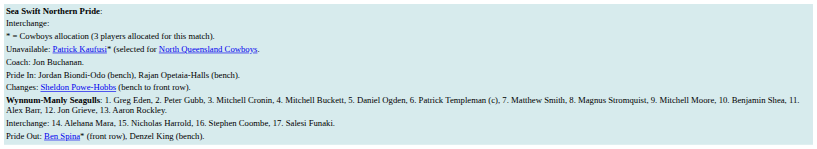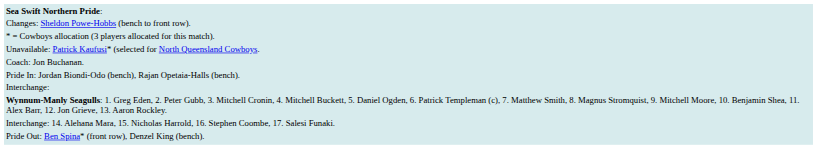 <table style="background:#d7ebed; font-size:85%; width:100%;">
 <tr>
 <td><strong>Sea Swift Northern Pride</strong>:             </td>
 </tr>
 <tr>
-<td>Interchange:    </td>
+<td>Changes: <a href='#'>Sheldon Powe-Hobbs</a> (bench to front row).</td>
 </tr>
 <tr>
 <td>* = Cowboys allocation (3 players allocated for this match).</td>
 </tr>
 <tr>
 <td>Unavailable: <a href='#'>Patrick Kaufusi</a>* (selected for <a href='#'>North Queensland Cowboys</a>.</td>
 </tr>
 <tr>
 <td>Coach: Jon Buchanan.</td>
 </tr>
 <tr>
 <td>Pride In: Jordan Biondi-Odo (bench), Rajan Opetaia-Halls (bench).</td>
 </tr>
 <tr>
-<td>Changes: <a href='#'>Sheldon Powe-Hobbs</a> (bench to front row).</td>
+<td>Interchange:    </td>
 </tr>
 <tr>
 <td><strong>Wynnum-Manly Seagulls</strong>: 1. Greg Eden, 2. Peter Gubb, 3. Mitchell Cronin, 4. Mitchell Buckett, 5. Daniel Ogden, 6. Patrick Templeman (c), 7. Matthew Smith, 8. Magnus Stromquist, 9. Mitchell Moore, 10. Benjamin Shea, 11. Alex Barr, 12. Jon Grieve, 13. Aaron Rockley.</td>
 </tr>
 <tr>
 <td>Interchange: 14. Alehana Mara, 15. Nicholas Harrold, 16. Stephen Coombe, 17. Salesi Funaki.</td>
 </tr>
 <tr>
 <td>Pride Out: <a href='#'>Ben Spina</a>* (front row), Denzel King (bench).</td>
 </tr>
 <tr>
 </tr>
 </table>
